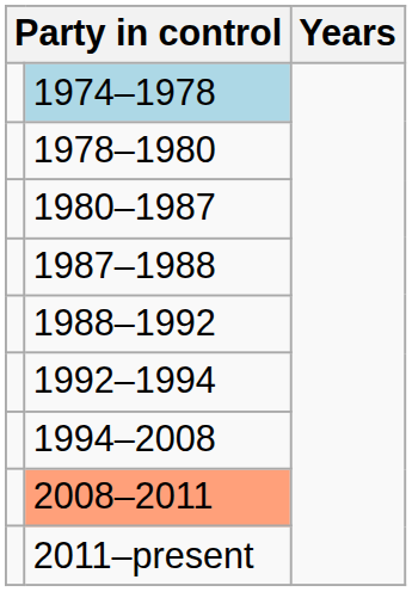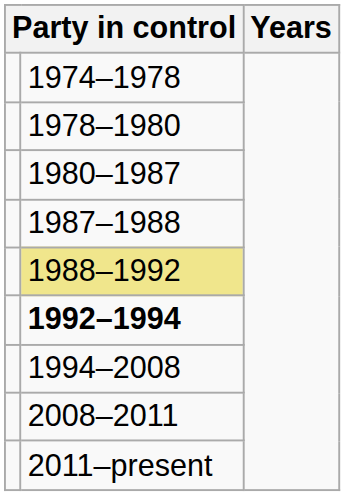 <table class="wikitable">
 <tr>
 <th colspan=2>Party in control</th>
 <th>Years</th>
 </tr>
 <tr>
 <td></td>
-<td style="background: lightblue;">1974–1978</td>
+<td>1974–1978</td>
 </tr>
 <tr>
 <td></td>
 <td>1978–1980</td>
 </tr>
 <tr>
 <td></td>
 <td>1980–1987</td>
 </tr>
 <tr>
 <td></td>
 <td>1987–1988</td>
 </tr>
 <tr>
 <td></td>
-<td>1988–1992</td>
+<td style="background: khaki;">1988–1992</td>
 </tr>
 <tr>
 <td></td>
-<td>1992–1994</td>
+<td><strong>1992–1994</strong></td>
 </tr>
 <tr>
 <td></td>
 <td>1994–2008</td>
 </tr>
 <tr>
 <td></td>
-<td style="background: lightsalmon;">2008–2011</td>
+<td>2008–2011</td>
 </tr>
 <tr>
 <td></td>
 <td>2011–present</td>
 </tr>
 </table>
